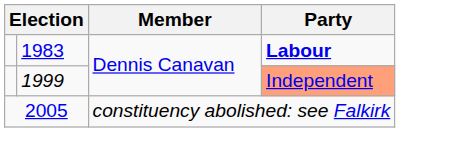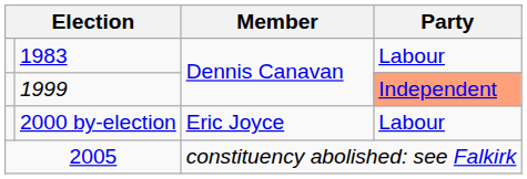 <table class="wikitable">
 <tr>
 <th colspan="2">Election</th>
 <th>Member</th>
 <th>Party</th>
 </tr>
 <tr>
 <td style="color:inherit;background-color: "></td>
 <td><a href='#'>1983</a></td>
 <td rowspan="2"><a href='#'>Dennis Canavan</a></td>
-<td><strong><a href='#'>Labour</a></strong></td>
+<td><a href='#'>Labour</a></td>
 </tr>
 <tr>
 <td style="color:inherit;background-color: "></td>
 <td><em>1999</em></td>
 <td style="background: lightsalmon;"><a href='#'>Independent</a></td>
 </tr>
 <tr>
+<td style="color:inherit;background-color: "></td>
+<td><a href='#'>2000 by-election</a></td>
+<td><a href='#'>Eric Joyce</a></td>
+<td><a href='#'>Labour</a></td>
+</tr>
+<tr>
 <td colspan="2" align="center"><a href='#'>2005</a></td>
 <td colspan="2"><em>constituency abolished: see <a href='#'>Falkirk</a></em></td>
 </tr>
 </table>
